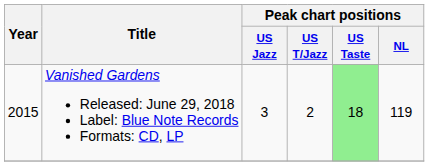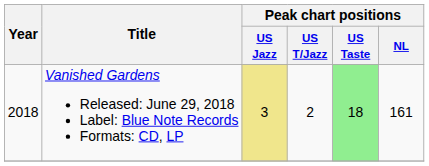 <table class="wikitable plainrowheaders" style="text-align: center">
 <tr>
 <th rowspan="2">Year</th>
 <th rowspan="2">Title</th>
 <th colspan="7">Peak chart positions</th>
 </tr>
 <tr>
 <th style="width:45px;"><small><a href='#'>US<br>Jazz</a></small><br></th>
 <th style="width:45px;"><small><a href='#'>US<br>T/Jazz</a></small><br></th>
 <th style="width:45px;"><small><a href='#'>US<br>Taste</a></small><br></th>
 <th style="width:45px;"><small><a href='#'>NL</a></small><br></th>
 </tr>
 <tr>
-<td>2015</td>
+<td>2018</td>
 <td align="left"><em><a href='#'>Vanished Gardens</a></em><br><ul><li>Released: June 29, 2018</li><li>Label: <a href='#'>Blue Note Records</a></li><li>Formats: <a href='#'>CD</a>, <a href='#'>LP</a></li></ul></td>
-<td style="text-align:center;">3</td>
+<td style="background: khaki; text-align:center;">3</td>
 <td style="text-align:center;">2</td>
 <td style="background: lightgreen; text-align:center;">18</td>
-<td style="text-align:center;">119</td>
+<td style="text-align:center;">161</td>
 </tr>
 <tr>
 </tr>
 </table>
